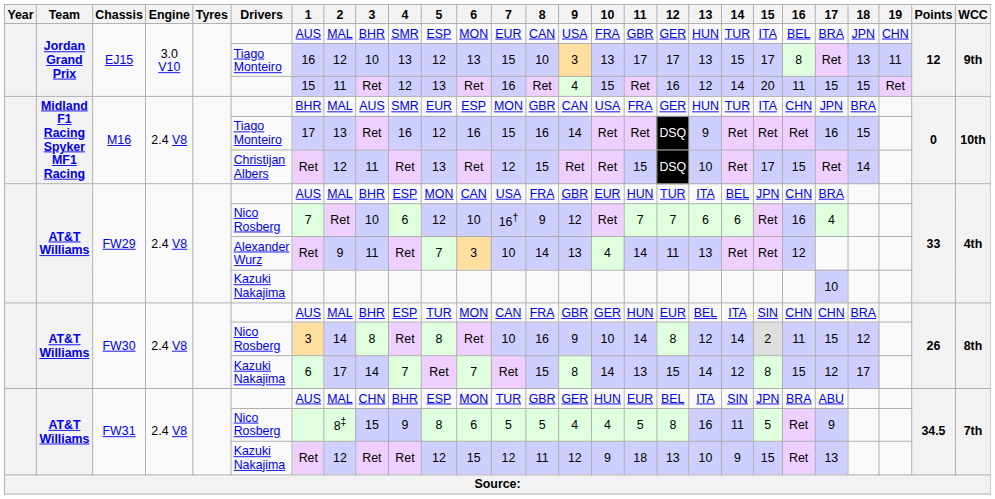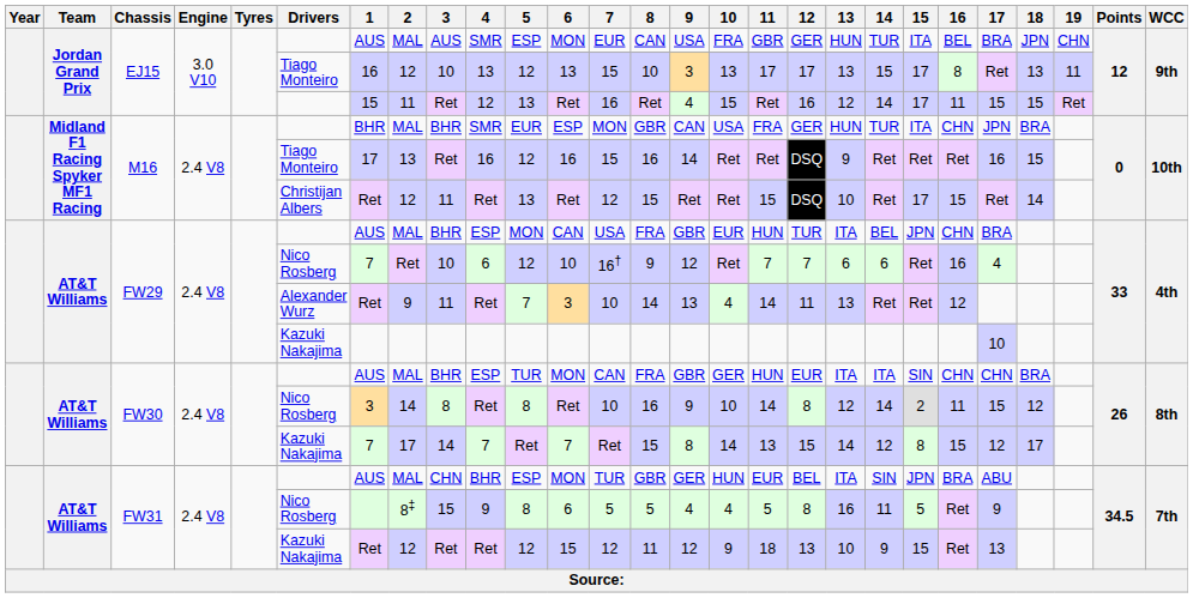 <table class="wikitable" style="text-align:center; font-size:85%">
 <tr>
 <th>Year</th>
 <th>Team</th>
 <th>Chassis</th>
 <th>Engine</th>
 <th>Tyres</th>
 <th>Drivers</th>
 <th>1</th>
 <th>2</th>
 <th>3</th>
 <th>4</th>
 <th>5</th>
 <th>6</th>
 <th>7</th>
 <th>8</th>
 <th>9</th>
 <th>10</th>
 <th>11</th>
 <th>12</th>
 <th>13</th>
 <th>14</th>
 <th>15</th>
 <th>16</th>
 <th>17</th>
 <th>18</th>
 <th>19</th>
 <th>Points</th>
 <th>WCC</th>
 </tr>
 <tr>
 <th rowspan="3"></th>
 <th rowspan="3"><a href='#'>Jordan Grand Prix</a></th>
 <td rowspan="3"><a href='#'>EJ15</a></td>
 <td rowspan="3"> 3.0 <a href='#'>V10</a></td>
 <td rowspan="3"></td>
 <td></td>
 <td><a href='#'>AUS</a></td>
 <td><a href='#'>MAL</a></td>
-<td><a href='#'>BHR</a></td>
+<td><a href='#'>AUS</a></td>
 <td><a href='#'>SMR</a></td>
 <td><a href='#'>ESP</a></td>
 <td><a href='#'>MON</a></td>
 <td><a href='#'>EUR</a></td>
 <td><a href='#'>CAN</a></td>
 <td><a href='#'>USA</a></td>
 <td><a href='#'>FRA</a></td>
 <td><a href='#'>GBR</a></td>
 <td><a href='#'>GER</a></td>
 <td><a href='#'>HUN</a></td>
 <td><a href='#'>TUR</a></td>
 <td><a href='#'>ITA</a></td>
 <td><a href='#'>BEL</a></td>
 <td><a href='#'>BRA</a></td>
 <td><a href='#'>JPN</a></td>
 <td><a href='#'>CHN</a></td>
 <th rowspan="3">12</th>
 <th rowspan="3">9th</th>
 </tr>
 <tr>
 <td align="left"> <a href='#'>Tiago Monteiro</a></td>
 <td style="background:#CFCFFF;">16</td>
 <td style="background:#CFCFFF;">12</td>
 <td style="background:#CFCFFF;">10</td>
 <td style="background:#CFCFFF;">13</td>
 <td style="background:#CFCFFF;">12</td>
 <td style="background:#CFCFFF;">13</td>
 <td style="background:#CFCFFF;">15</td>
 <td style="background:#CFCFFF;">10</td>
 <td style="background:#FFDF9F;">3</td>
 <td style="background:#CFCFFF;">13</td>
 <td style="background:#CFCFFF;">17</td>
 <td style="background:#CFCFFF;">17</td>
 <td style="background:#CFCFFF;">13</td>
 <td style="background:#CFCFFF;">15</td>
 <td style="background:#CFCFFF;">17</td>
 <td style="background:#DFFFDF;">8</td>
 <td style="background:#EFCFFF;">Ret</td>
 <td style="background:#CFCFFF;">13</td>
 <td style="background:#CFCFFF;">11</td>
 </tr>
 <tr>
 <td align="left"></td>
 <td style="background:#CFCFFF;">15</td>
 <td style="background:#CFCFFF;">11</td>
 <td style="background:#EFCFFF;">Ret</td>
 <td style="background:#CFCFFF;">12</td>
 <td style="background:#CFCFFF;">13</td>
 <td style="background:#EFCFFF;">Ret</td>
 <td style="background:#CFCFFF;">16</td>
 <td style="background:#EFCFFF;">Ret</td>
 <td style="background:#DFFFDF;">4</td>
 <td style="background:#CFCFFF;">15</td>
 <td style="background:#EFCFFF;">Ret</td>
 <td style="background:#CFCFFF;">16</td>
 <td style="background:#CFCFFF;">12</td>
 <td style="background:#CFCFFF;">14</td>
-<td style="background:#CFCFFF;">20</td>
+<td style="background:#CFCFFF;">17</td>
 <td style="background:#CFCFFF;">11</td>
 <td style="background:#CFCFFF;">15</td>
 <td style="background:#CFCFFF;">15</td>
 <td style="background:#EFCFFF;">Ret</td>
 </tr>
 <tr>
 <th rowspan="3"></th>
 <th rowspan="3"><a href='#'>Midland F1 Racing</a><br><a href='#'>Spyker MF1 Racing</a></th>
 <td rowspan="3"><a href='#'>M16</a></td>
 <td rowspan="3"> 2.4 <a href='#'>V8</a></td>
 <td rowspan="3"></td>
 <td></td>
 <td><a href='#'>BHR</a></td>
 <td><a href='#'>MAL</a></td>
-<td><a href='#'>AUS</a></td>
+<td><a href='#'>BHR</a></td>
 <td><a href='#'>SMR</a></td>
 <td><a href='#'>EUR</a></td>
 <td><a href='#'>ESP</a></td>
 <td><a href='#'>MON</a></td>
 <td><a href='#'>GBR</a></td>
 <td><a href='#'>CAN</a></td>
 <td><a href='#'>USA</a></td>
 <td><a href='#'>FRA</a></td>
 <td><a href='#'>GER</a></td>
 <td><a href='#'>HUN</a></td>
 <td><a href='#'>TUR</a></td>
 <td><a href='#'>ITA</a></td>
 <td><a href='#'>CHN</a></td>
 <td><a href='#'>JPN</a></td>
 <td><a href='#'>BRA</a></td>
 <td></td>
 <th rowspan="3">0</th>
 <th rowspan="3">10th</th>
 </tr>
 <tr>
 <td align="left"> <a href='#'>Tiago Monteiro</a></td>
 <td style="background:#CFCFFF;">17</td>
 <td style="background:#CFCFFF;">13</td>
 <td style="background:#EFCFFF;">Ret</td>
 <td style="background:#CFCFFF;">16</td>
 <td style="background:#CFCFFF;">12</td>
 <td style="background:#CFCFFF;">16</td>
 <td style="background:#CFCFFF;">15</td>
 <td style="background:#CFCFFF;">16</td>
 <td style="background:#CFCFFF;">14</td>
 <td style="background:#EFCFFF;">Ret</td>
 <td style="background:#EFCFFF;">Ret</td>
 <td style="background:#000000; color:white">DSQ</td>
 <td style="background:#CFCFFF;">9</td>
 <td style="background:#EFCFFF;">Ret</td>
 <td style="background:#EFCFFF;">Ret</td>
 <td style="background:#EFCFFF;">Ret</td>
 <td style="background:#CFCFFF;">16</td>
 <td style="background:#CFCFFF;">15</td>
 <td></td>
 </tr>
 <tr>
 <td align="left"> <a href='#'>Christijan Albers</a></td>
 <td style="background:#EFCFFF;">Ret</td>
 <td style="background:#CFCFFF;">12</td>
 <td style="background:#CFCFFF;">11</td>
 <td style="background:#EFCFFF;">Ret</td>
 <td style="background:#CFCFFF;">13</td>
 <td style="background:#EFCFFF;">Ret</td>
 <td style="background:#CFCFFF;">12</td>
 <td style="background:#CFCFFF;">15</td>
 <td style="background:#EFCFFF;">Ret</td>
 <td style="background:#EFCFFF;">Ret</td>
 <td style="background:#CFCFFF;">15</td>
 <td style="background:#000000; color:white">DSQ</td>
 <td style="background:#CFCFFF;">10</td>
 <td style="background:#EFCFFF;">Ret</td>
 <td style="background:#CFCFFF;">17</td>
 <td style="background:#CFCFFF;">15</td>
 <td style="background:#EFCFFF;">Ret</td>
 <td style="background:#CFCFFF;">14</td>
 <td></td>
 </tr>
 <tr>
 <th rowspan="4"></th>
 <th rowspan="4"><a href='#'>AT&T Williams</a></th>
 <td rowspan="4"><a href='#'>FW29</a></td>
 <td rowspan="4"> 2.4 <a href='#'>V8</a></td>
 <td rowspan="4"></td>
 <td></td>
 <td><a href='#'>AUS</a></td>
 <td><a href='#'>MAL</a></td>
 <td><a href='#'>BHR</a></td>
 <td><a href='#'>ESP</a></td>
 <td><a href='#'>MON</a></td>
 <td><a href='#'>CAN</a></td>
 <td><a href='#'>USA</a></td>
 <td><a href='#'>FRA</a></td>
 <td><a href='#'>GBR</a></td>
 <td><a href='#'>EUR</a></td>
 <td><a href='#'>HUN</a></td>
 <td><a href='#'>TUR</a></td>
 <td><a href='#'>ITA</a></td>
 <td><a href='#'>BEL</a></td>
 <td><a href='#'>JPN</a></td>
 <td><a href='#'>CHN</a></td>
 <td><a href='#'>BRA</a></td>
 <td></td>
 <td></td>
 <th rowspan="4">33</th>
 <th rowspan="4">4th</th>
 </tr>
 <tr>
 <td align="left"> <a href='#'>Nico Rosberg</a></td>
 <td style="background:#DFFFDF;">7</td>
 <td style="background:#EFCFFF;">Ret</td>
 <td style="background:#CFCFFF;">10</td>
 <td style="background:#DFFFDF;">6</td>
 <td style="background:#CFCFFF;">12</td>
 <td style="background:#CFCFFF;">10</td>
 <td style="background:#CFCFFF;">16<sup>†</sup></td>
 <td style="background:#CFCFFF;">9</td>
 <td style="background:#CFCFFF;">12</td>
 <td style="background:#EFCFFF;">Ret</td>
 <td style="background:#DFFFDF;">7</td>
 <td style="background:#DFFFDF;">7</td>
 <td style="background:#DFFFDF;">6</td>
 <td style="background:#DFFFDF;">6</td>
 <td style="background:#EFCFFF;">Ret</td>
 <td style="background:#CFCFFF;">16</td>
 <td style="background:#DFFFDF;">4</td>
 <td></td>
 <td></td>
 </tr>
 <tr>
 <td align="left"> <a href='#'>Alexander Wurz</a></td>
 <td style="background:#EFCFFF;">Ret</td>
 <td style="background:#CFCFFF;">9</td>
 <td style="background:#CFCFFF;">11</td>
 <td style="background:#EFCFFF;">Ret</td>
 <td style="background:#DFFFDF;">7</td>
 <td style="background:#FFDF9F;">3</td>
 <td style="background:#CFCFFF;">10</td>
 <td style="background:#CFCFFF;">14</td>
 <td style="background:#CFCFFF;">13</td>
 <td style="background:#DFFFDF;">4</td>
 <td style="background:#CFCFFF;">14</td>
 <td style="background:#CFCFFF;">11</td>
 <td style="background:#CFCFFF;">13</td>
 <td style="background:#EFCFFF;">Ret</td>
 <td style="background:#EFCFFF;">Ret</td>
 <td style="background:#CFCFFF;">12</td>
 <td></td>
 <td></td>
 <td></td>
 </tr>
 <tr>
 <td align="left"> <a href='#'>Kazuki Nakajima</a></td>
 <td></td>
 <td></td>
 <td></td>
 <td></td>
 <td></td>
 <td></td>
 <td></td>
 <td></td>
 <td></td>
 <td></td>
 <td></td>
 <td></td>
 <td></td>
 <td></td>
 <td></td>
 <td></td>
 <td style="background:#CFCFFF;">10</td>
 <td></td>
 <td></td>
 </tr>
 <tr>
 <th rowspan="3"></th>
 <th rowspan="3"><a href='#'>AT&T Williams</a></th>
 <td rowspan="3"><a href='#'>FW30</a></td>
 <td rowspan="3"> 2.4 <a href='#'>V8</a></td>
 <td rowspan="3"></td>
 <td></td>
 <td><a href='#'>AUS</a></td>
 <td><a href='#'>MAL</a></td>
 <td><a href='#'>BHR</a></td>
 <td><a href='#'>ESP</a></td>
 <td><a href='#'>TUR</a></td>
 <td><a href='#'>MON</a></td>
 <td><a href='#'>CAN</a></td>
 <td><a href='#'>FRA</a></td>
 <td><a href='#'>GBR</a></td>
 <td><a href='#'>GER</a></td>
 <td><a href='#'>HUN</a></td>
 <td><a href='#'>EUR</a></td>
-<td><a href='#'>BEL</a></td>
+<td><a href='#'>ITA</a></td>
 <td><a href='#'>ITA</a></td>
 <td><a href='#'>SIN</a></td>
 <td><a href='#'>CHN</a></td>
 <td><a href='#'>CHN</a></td>
 <td><a href='#'>BRA</a></td>
 <td></td>
 <th rowspan="3">26</th>
 <th rowspan="3">8th</th>
 </tr>
 <tr>
 <td align="left"> <a href='#'>Nico Rosberg</a></td>
 <td style="background:#FFDF9F;">3</td>
 <td style="background:#CFCFFF;">14</td>
 <td style="background:#DFFFDF;">8</td>
 <td style="background:#EFCFFF;">Ret</td>
 <td style="background:#DFFFDF;">8</td>
 <td style="background:#EFCFFF;">Ret</td>
 <td style="background:#CFCFFF;">10</td>
 <td style="background:#CFCFFF;">16</td>
 <td style="background:#CFCFFF;">9</td>
 <td style="background:#CFCFFF;">10</td>
 <td style="background:#CFCFFF;">14</td>
 <td style="background:#DFFFDF;">8</td>
 <td style="background:#CFCFFF;">12</td>
 <td style="background:#CFCFFF;">14</td>
 <td style="background:#DFDFDF;">2</td>
 <td style="background:#CFCFFF;">11</td>
 <td style="background:#CFCFFF;">15</td>
 <td style="background:#CFCFFF;">12</td>
 <td></td>
 </tr>
 <tr>
 <td align="left"> <a href='#'>Kazuki Nakajima</a></td>
-<td style="background:#DFFFDF;">6</td>
+<td style="background:#DFFFDF;">7</td>
 <td style="background:#CFCFFF;">17</td>
 <td style="background:#CFCFFF;">14</td>
 <td style="background:#DFFFDF;">7</td>
 <td style="background:#EFCFFF;">Ret</td>
 <td style="background:#DFFFDF;">7</td>
 <td style="background:#EFCFFF;">Ret</td>
 <td style="background:#CFCFFF;">15</td>
 <td style="background:#DFFFDF;">8</td>
 <td style="background:#CFCFFF;">14</td>
 <td style="background:#CFCFFF;">13</td>
 <td style="background:#CFCFFF;">15</td>
 <td style="background:#CFCFFF;">14</td>
 <td style="background:#CFCFFF;">12</td>
 <td style="background:#DFFFDF;">8</td>
 <td style="background:#CFCFFF;">15</td>
 <td style="background:#CFCFFF;">12</td>
 <td style="background:#CFCFFF;">17</td>
 <td></td>
 </tr>
 <tr>
 <th rowspan="3"></th>
 <th rowspan="3"><a href='#'>AT&T Williams</a></th>
 <td rowspan="3"><a href='#'>FW31</a></td>
 <td rowspan="3"> 2.4 <a href='#'>V8</a></td>
 <td rowspan="3"></td>
 <td></td>
 <td><a href='#'>AUS</a></td>
 <td><a href='#'>MAL</a></td>
 <td><a href='#'>CHN</a></td>
 <td><a href='#'>BHR</a></td>
 <td><a href='#'>ESP</a></td>
 <td><a href='#'>MON</a></td>
 <td><a href='#'>TUR</a></td>
 <td><a href='#'>GBR</a></td>
 <td><a href='#'>GER</a></td>
 <td><a href='#'>HUN</a></td>
 <td><a href='#'>EUR</a></td>
 <td><a href='#'>BEL</a></td>
 <td><a href='#'>ITA</a></td>
 <td><a href='#'>SIN</a></td>
 <td><a href='#'>JPN</a></td>
 <td><a href='#'>BRA</a></td>
 <td><a href='#'>ABU</a></td>
 <td></td>
 <td></td>
 <th rowspan="3">34.5</th>
 <th rowspan="3">7th</th>
 </tr>
 <tr>
 <td align="left"> <a href='#'>Nico Rosberg</a></td>
 <td style="background:#DFFFDF;"></td>
 <td style="background:#DFFFDF;">8<sup>‡</sup></td>
 <td style="background:#CFCFFF;">15</td>
 <td style="background:#CFCFFF;">9</td>
 <td style="background:#DFFFDF;">8</td>
 <td style="background:#DFFFDF;">6</td>
 <td style="background:#DFFFDF;">5</td>
 <td style="background:#DFFFDF;">5</td>
 <td style="background:#DFFFDF;">4</td>
 <td style="background:#DFFFDF;">4</td>
 <td style="background:#DFFFDF;">5</td>
 <td style="background:#DFFFDF;">8</td>
 <td style="background:#CFCFFF;">16</td>
 <td style="background:#CFCFFF;">11</td>
 <td style="background:#DFFFDF;">5</td>
 <td style="background:#EFCFFF;">Ret</td>
 <td style="background:#CFCFFF;">9</td>
 <td></td>
 <td></td>
 </tr>
 <tr>
 <td align="left"> <a href='#'>Kazuki Nakajima</a></td>
 <td style="background:#EFCFFF;">Ret</td>
 <td style="background:#CFCFFF;">12</td>
 <td style="background:#EFCFFF;">Ret</td>
 <td style="background:#EFCFFF;">Ret</td>
 <td style="background:#CFCFFF;">12</td>
 <td style="background:#CFCFFF;">15</td>
 <td style="background:#CFCFFF;">12</td>
 <td style="background:#CFCFFF;">11</td>
 <td style="background:#CFCFFF;">12</td>
 <td style="background:#CFCFFF;">9</td>
 <td style="background:#CFCFFF;">18</td>
 <td style="background:#CFCFFF;">13</td>
 <td style="background:#CFCFFF;">10</td>
 <td style="background:#CFCFFF;">9</td>
 <td style="background:#CFCFFF;">15</td>
 <td style="background:#EFCFFF;">Ret</td>
 <td style="background:#CFCFFF;">13</td>
 <td></td>
 <td></td>
 </tr>
 <tr>
 <th colspan="27">Source:</th>
 </tr>
 </table>
